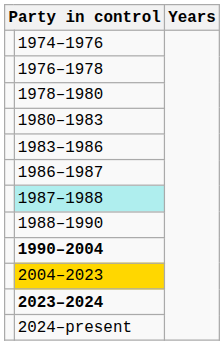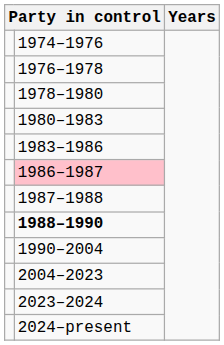 <table class="wikitable">
 <tr>
 <th colspan=2>Party in control</th>
 <th>Years</th>
 </tr>
 <tr>
 <td></td>
 <td>1974–1976</td>
 </tr>
 <tr>
 <td></td>
 <td>1976–1978</td>
 </tr>
 <tr>
 <td></td>
 <td>1978–1980</td>
 </tr>
 <tr>
 <td></td>
 <td>1980–1983</td>
 </tr>
 <tr>
 <td></td>
 <td>1983–1986</td>
 </tr>
 <tr>
 <td></td>
-<td>1986–1987</td>
+<td style="background: pink;">1986–1987</td>
 </tr>
 <tr>
 <td></td>
-<td style="background: paleturquoise;">1987–1988</td>
+<td>1987–1988</td>
 </tr>
 <tr>
 <td></td>
-<td>1988–1990</td>
+<td><strong>1988–1990</strong></td>
 </tr>
 <tr>
 <td></td>
-<td><strong>1990–2004</strong></td>
+<td>1990–2004</td>
 </tr>
 <tr>
 <td></td>
-<td style="background: gold;">2004–2023</td>
+<td>2004–2023</td>
 </tr>
 <tr>
 <td></td>
-<td><strong>2023–2024</strong></td>
+<td>2023–2024</td>
 </tr>
 <tr>
 <td></td>
 <td>2024–present</td>
 </tr>
 </table>
